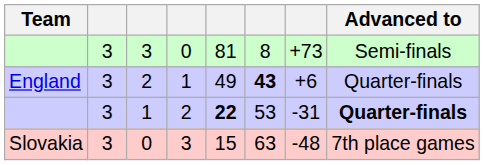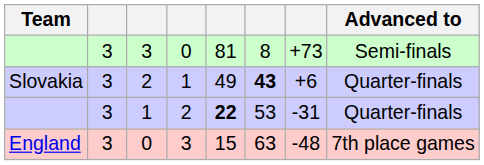 <table class="wikitable" style="text-align:center;">
 <tr>
 <th>Team</th>
 <th width=25></th>
 <th width=25></th>
 <th width=25></th>
 <th width=25></th>
 <th width=25></th>
 <th width=25></th>
 <th>Advanced to</th>
 </tr>
 <tr style="background:#cfc">
 <td style="text-align:left;"></td>
 <td>3</td>
 <td>3</td>
 <td>0</td>
 <td>81</td>
 <td>8</td>
 <td>+73</td>
 <td>Semi-finals</td>
 </tr>
 <tr style="background:#ccf">
-<td style="text-align:left;"> <a href='#'>England</a></td>
+<td style="text-align:left;"> Slovakia</td>
 <td>3</td>
 <td>2</td>
 <td>1</td>
 <td>49</td>
 <td><strong>43</strong></td>
 <td>+6</td>
 <td>Quarter-finals</td>
 </tr>
 <tr style="background:#ccf">
 <td style="text-align:left;"></td>
 <td>3</td>
 <td>1</td>
 <td>2</td>
 <td><strong>22</strong></td>
 <td>53</td>
 <td>-31</td>
-<td><strong>Quarter-finals</strong></td>
+<td>Quarter-finals</td>
 </tr>
 <tr style="background:#fcc">
-<td style="text-align:left;"> Slovakia</td>
+<td style="text-align:left;"> <a href='#'>England</a></td>
 <td>3</td>
 <td>0</td>
 <td>3</td>
 <td>15</td>
 <td>63</td>
 <td>-48</td>
 <td>7th place games</td>
 </tr>
 </table>
